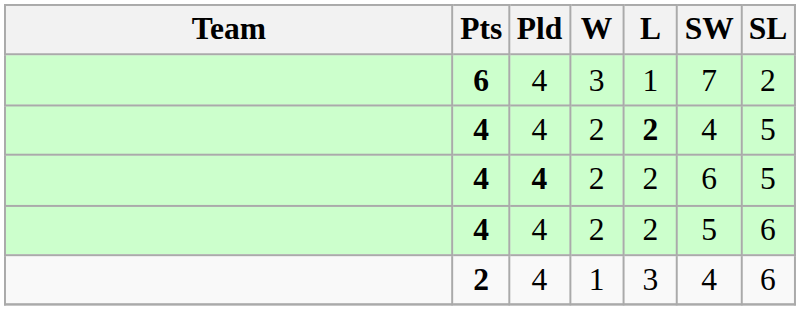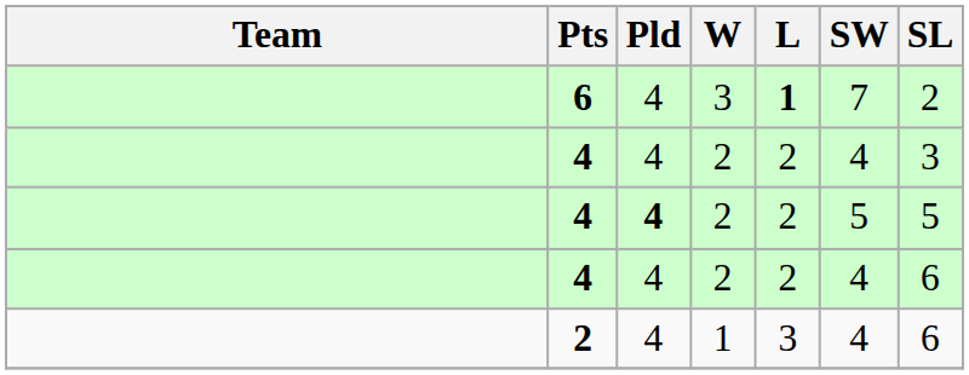 <table class=wikitable style="text-align:center">
 <tr>
 <th width=220>Team</th>
 <th width=20>Pts</th>
 <th width=20>Pld</th>
 <th width=20>W</th>
 <th width=20>L</th>
 <th width=20>SW</th>
 <th width=20>SL</th>
 </tr>
 <tr bgcolor=#ccffcc>
 <td align=left></td>
 <td><strong>6</strong></td>
 <td>4</td>
 <td>3</td>
-<td>1</td>
+<td><strong>1</strong></td>
 <td>7</td>
 <td>2</td>
 </tr>
 <tr bgcolor=#ccffcc>
 <td align=left></td>
 <td><strong>4</strong></td>
 <td>4</td>
 <td>2</td>
-<td><strong>2</strong></td>
+<td>2</td>
 <td>4</td>
-<td>5</td>
+<td>3</td>
 </tr>
 <tr bgcolor=#ccffcc>
 <td align=left></td>
 <td><strong>4</strong></td>
 <td><strong>4</strong></td>
 <td>2</td>
 <td>2</td>
-<td>6</td>
+<td>5</td>
 <td>5</td>
 </tr>
 <tr bgcolor=#ccffcc>
 <td align=left></td>
 <td><strong>4</strong></td>
 <td>4</td>
 <td>2</td>
 <td>2</td>
-<td>5</td>
+<td>4</td>
 <td>6</td>
 </tr>
 <tr bgcolor=>
 <td align=left></td>
 <td><strong>2</strong></td>
 <td>4</td>
 <td>1</td>
 <td>3</td>
 <td>4</td>
 <td>6</td>
 </tr>
 <tr>
 </tr>
 </table>
